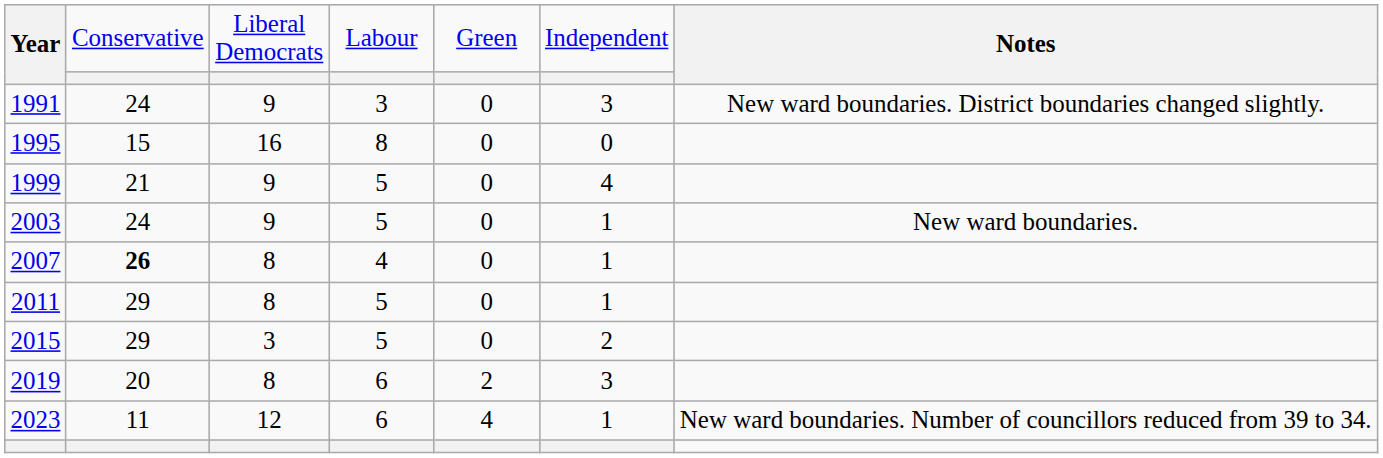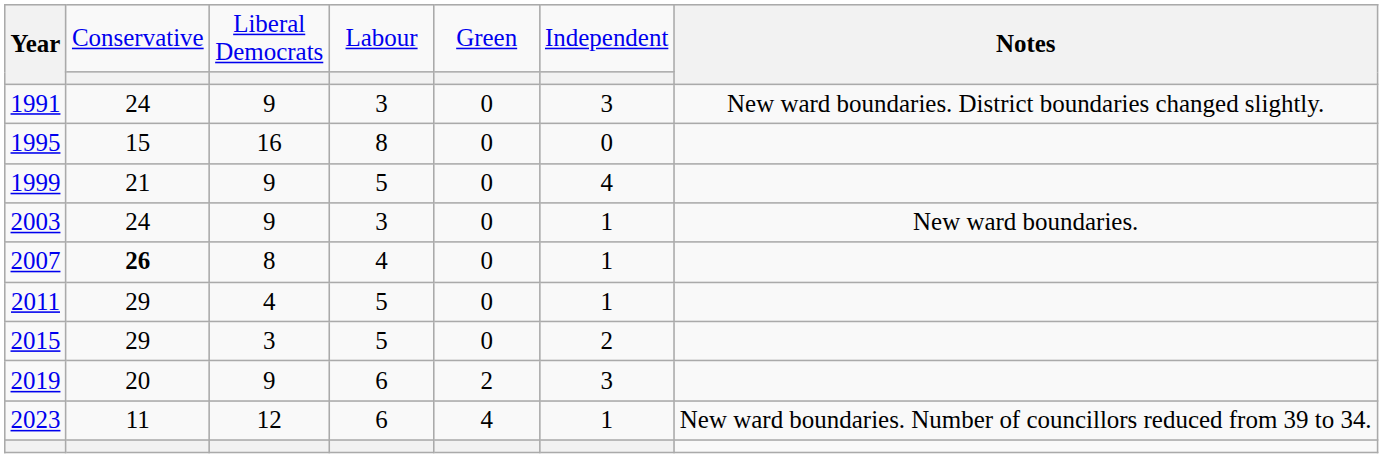 <table class=wikitable style=text-align:center>
 <tr>
 <th rowspan=2>Year</th>
 <td width="60"><a href='#'>Conservative</a></td>
 <td width="60"><a href='#'>Liberal Democrats</a></td>
 <td width="60"><a href='#'>Labour</a></td>
 <td width="60"><a href='#'>Green</a></td>
 <td><a href='#'>Independent</a></td>
 <th rowspan="2">Notes</th>
 </tr>
 <tr>
 <th style="background-color: "></th>
 <th style="background-color: "></th>
 <th style="background-color: "></th>
 <th style="background-color: "></th>
 <th style="background-color: "></th>
 </tr>
 <tr>
 <td><a href='#'>1991</a></td>
 <td>24</td>
 <td>9</td>
 <td>3</td>
 <td>0</td>
 <td>3</td>
 <td>New ward boundaries. District boundaries changed slightly.</td>
 </tr>
 <tr>
 <td><a href='#'>1995</a></td>
 <td>15</td>
 <td>16</td>
 <td>8</td>
 <td>0</td>
 <td>0</td>
 <td></td>
 </tr>
 <tr>
 <td><a href='#'>1999</a></td>
 <td>21</td>
 <td>9</td>
 <td>5</td>
 <td>0</td>
 <td>4</td>
 <td></td>
 </tr>
 <tr>
 <td><a href='#'>2003</a></td>
 <td>24</td>
 <td>9</td>
-<td>5</td>
+<td>3</td>
 <td>0</td>
 <td>1</td>
 <td>New ward boundaries.</td>
 </tr>
 <tr>
 <td><a href='#'>2007</a></td>
 <td><strong>26</strong></td>
 <td>8</td>
 <td>4</td>
 <td>0</td>
 <td>1</td>
 <td></td>
 </tr>
 <tr>
 <td><a href='#'>2011</a></td>
 <td>29</td>
-<td>8</td>
+<td>4</td>
 <td>5</td>
 <td>0</td>
 <td>1</td>
 <td></td>
 </tr>
 <tr>
 <td><a href='#'>2015</a></td>
 <td>29</td>
 <td>3</td>
 <td>5</td>
 <td>0</td>
 <td>2</td>
 <td></td>
 </tr>
 <tr>
 <td><a href='#'>2019</a></td>
 <td>20</td>
-<td>8</td>
+<td>9</td>
 <td>6</td>
 <td>2</td>
 <td>3</td>
 <td></td>
 </tr>
 <tr>
 <td><a href='#'>2023</a></td>
 <td>11</td>
 <td>12</td>
 <td>6</td>
 <td>4</td>
 <td>1</td>
 <td>New ward boundaries. Number of councillors reduced from 39 to 34.</td>
 </tr>
 <tr>
 <th></th>
 <th style="background-color: "></th>
 <th style="background-color: "></th>
 <th style="background-color: "></th>
 <th style="background-color: "></th>
 <th style="background-color: "></th>
 <td></td>
 </tr>
 </table>
